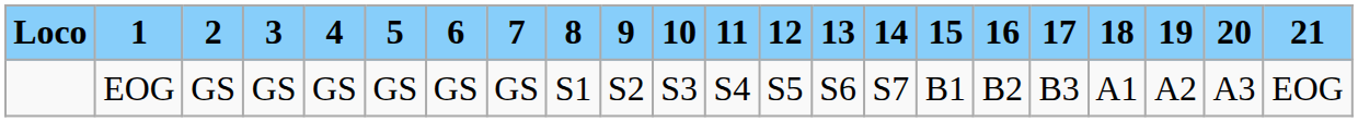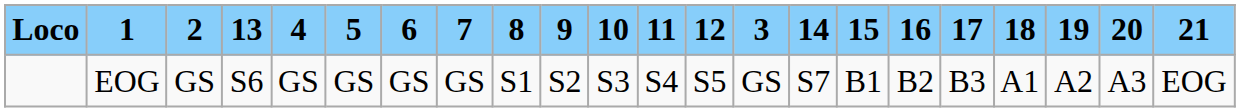 <table class="wikitable plainrowheaders unsortable" style="text-align:center">
 <tr>
 <th scope="col" rowspan="1" style="background:lightskyblue;">Loco</th>
 <th scope="col" rowspan="1" style="background:lightskyblue;">1</th>
 <th scope="col" rowspan="1" style="background:lightskyblue;">2</th>
-<th scope="col" rowspan="1" style="background:lightskyblue;">3</th>
+<th scope="col" rowspan="1" style="background:lightskyblue;">13</th>
 <th scope="col" rowspan="1" style="background:lightskyblue;">4</th>
 <th scope="col" rowspan="1" style="background:lightskyblue;">5</th>
 <th scope="col" rowspan="1" style="background:lightskyblue;">6</th>
 <th scope="col" rowspan="1" style="background:lightskyblue;">7</th>
 <th scope="col" rowspan="1" style="background:lightskyblue;">8</th>
 <th scope="col" rowspan="1" style="background:lightskyblue;">9</th>
 <th scope="col" rowspan="1" style="background:lightskyblue;">10</th>
 <th scope="col" rowspan="1" style="background:lightskyblue;">11</th>
 <th scope="col" rowspan="1" style="background:lightskyblue;">12</th>
-<th scope="col" rowspan="1" style="background:lightskyblue;">13</th>
+<th scope="col" rowspan="1" style="background:lightskyblue;">3</th>
 <th scope="col" rowspan="1" style="background:lightskyblue;">14</th>
 <th scope="col" rowspan="1" style="background:lightskyblue;">15</th>
 <th scope="col" rowspan="1" style="background:lightskyblue;">16</th>
 <th scope="col" rowspan="1" style="background:lightskyblue;">17</th>
 <th scope="col" rowspan="1" style="background:lightskyblue;">18</th>
 <th scope="col" rowspan="1" style="background:lightskyblue;">19</th>
 <th scope="col" rowspan="1" style="background:lightskyblue;">20</th>
 <th scope="col" rowspan="1" style="background:lightskyblue;">21</th>
 </tr>
 <tr>
 <td></td>
 <td>EOG</td>
 <td>GS</td>
-<td>GS</td>
+<td>S6</td>
 <td>GS</td>
 <td>GS</td>
 <td>GS</td>
 <td>GS</td>
 <td>S1</td>
 <td>S2</td>
 <td>S3</td>
 <td>S4</td>
 <td>S5</td>
-<td>S6</td>
+<td>GS</td>
 <td>S7</td>
 <td>B1</td>
 <td>B2</td>
 <td>B3</td>
 <td>A1</td>
 <td>A2</td>
 <td>A3</td>
 <td>EOG</td>
 </tr>
 </table>
